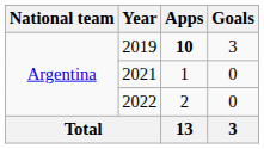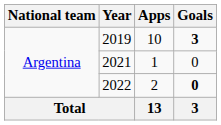 <table class="wikitable" style="text-align:center">
 <tr>
 <th>National team</th>
 <th>Year</th>
 <th>Apps</th>
 <th>Goals</th>
 </tr>
 <tr>
 <td rowspan=3><a href='#'>Argentina</a></td>
 <td>2019</td>
-<td><strong>10</strong></td>
-<td>3</td>
+<td>10</td>
+<td><strong>3</strong></td>
 </tr>
 <tr>
 <td>2021</td>
 <td>1</td>
 <td>0</td>
 </tr>
 <tr>
 <td>2022</td>
 <td>2</td>
-<td>0</td>
+<td><strong>0</strong></td>
 </tr>
 <tr>
 <th colspan=2>Total</th>
 <th>13</th>
 <th>3</th>
 </tr>
 </table>
